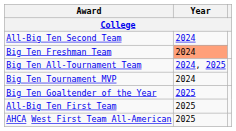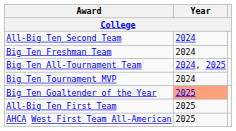 <table class="wikitable">
 <tr>
 <th>Award</th>
 <th>Year</th>
 <th></th>
 </tr>
 <tr>
 <th colspan="3"><a href='#'>College</a></th>
 </tr>
 <tr>
 <td><a href='#'>All-Big Ten Second Team</a></td>
 <td><a href='#'>2024</a></td>
 <td rowspan="2"></td>
 </tr>
 <tr>
 <td><a href='#'>Big Ten Freshman Team</a></td>
-<td style="background: lightsalmon;">2024</td>
+<td>2024</td>
 </tr>
 <tr>
 <td><a href='#'>Big Ten All-Tournament Team</a></td>
 <td><a href='#'>2024</a>, <a href='#'>2025</a></td>
 <td rowspan="2"></td>
 </tr>
 <tr>
 <td><a href='#'>Big Ten Tournament MVP</a></td>
 <td>2024</td>
 </tr>
 <tr>
 <td><a href='#'>Big Ten Goaltender of the Year</a></td>
-<td><a href='#'>2025</a></td>
+<td style="background: lightsalmon;"><a href='#'>2025</a></td>
 <td rowspan="2"></td>
 </tr>
 <tr>
 <td><a href='#'>All-Big Ten First Team</a></td>
 <td>2025</td>
 </tr>
 <tr>
 <td><a href='#'>AHCA</a> <a href='#'>West First Team All-American</a></td>
 <td>2025</td>
 <td></td>
 </tr>
 </table>
